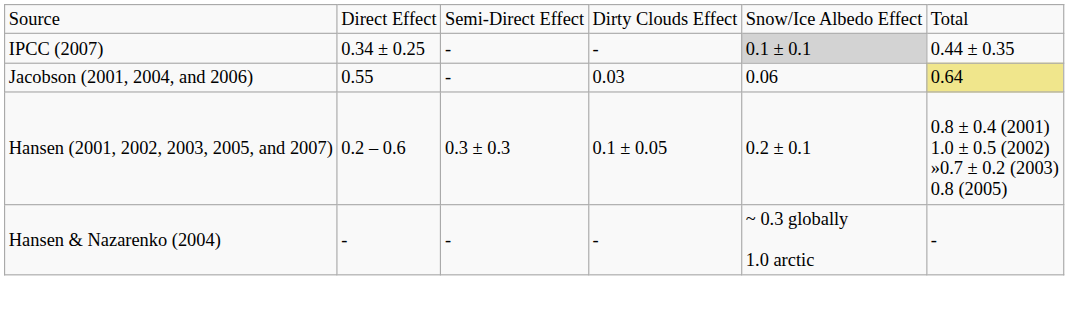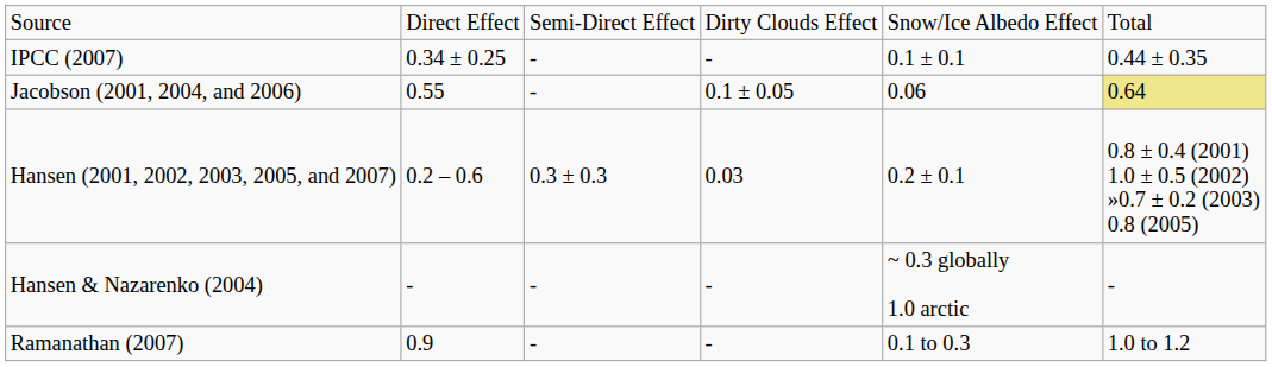 <table class="wikitable">
 <tr>
 <td>Source</td>
 <td>Direct Effect</td>
 <td>Semi-Direct Effect</td>
 <td>Dirty Clouds Effect</td>
 <td>Snow/Ice Albedo Effect</td>
 <td>Total</td>
 </tr>
 <tr>
 <td>IPCC (2007)</td>
 <td>0.34 ± 0.25</td>
 <td>-</td>
 <td>-</td>
-<td style="background: lightgrey;">0.1 ± 0.1</td>
+<td>0.1 ± 0.1</td>
 <td>0.44 ± 0.35</td>
 </tr>
 <tr>
 <td>Jacobson (2001, 2004, and 2006)</td>
 <td>0.55</td>
 <td>-</td>
-<td>0.03</td>
+<td>0.1 ± 0.05</td>
 <td>0.06</td>
 <td style="background: khaki;">0.64</td>
 </tr>
 <tr>
 <td>Hansen (2001, 2002, 2003, 2005, and 2007)</td>
 <td>0.2 – 0.6</td>
 <td>0.3 ± 0.3</td>
-<td>0.1 ± 0.05</td>
+<td>0.03</td>
 <td>0.2 ± 0.1</td>
 <td><br>0.8 ± 0.4 (2001) <br>1.0 ± 0.5 (2002) <br>»0.7 ± 0.2 (2003) <br>0.8 (2005)</td>
 </tr>
 <tr>
 <td>Hansen & Nazarenko (2004)</td>
 <td>-</td>
 <td>-</td>
 <td>-</td>
 <td>~ 0.3 globally<br><br>1.0 arctic</td>
 <td>-</td>
 </tr>
+<tr>
+<td>Ramanathan (2007)</td>
+<td>0.9</td>
+<td>-</td>
+<td>-</td>
+<td>0.1 to 0.3</td>
+<td>1.0 to 1.2</td>
+</tr>
 </table>
